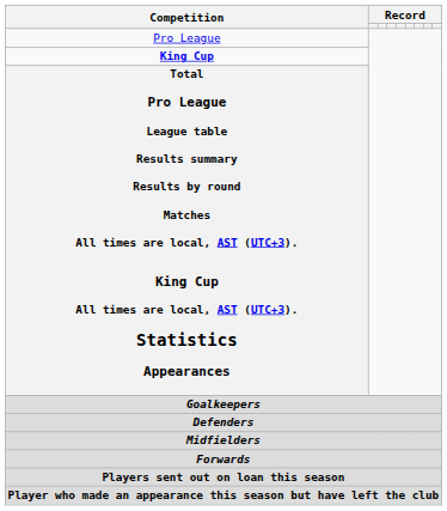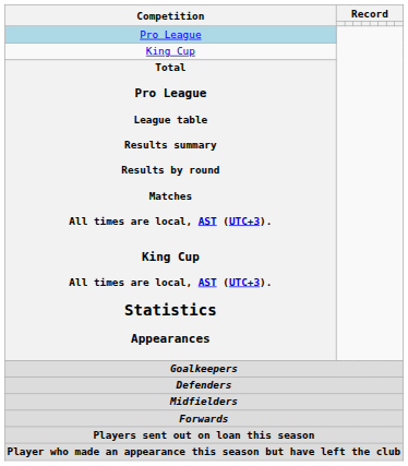 <table class="wikitable" style="text-align: center">
 <tr>
 <th rowspan=2>Competition</th>
 <th colspan=8>Record</th>
 </tr>
 <tr>
 <th></th>
 <th></th>
 <th></th>
 <th></th>
 <th></th>
 <th></th>
 <th></th>
 <th></th>
 </tr>
 <tr>
-<td><a href='#'>Pro League</a><br></td>
+<td style="background: lightblue;"><a href='#'>Pro League</a><br></td>
 </tr>
 <tr>
-<td><strong><a href='#'>King Cup</a><br></strong></td>
+<td><a href='#'>King Cup</a><br></td>
 </tr>
 <tr>
 <th>Total<br> <h3>Pro League</h3><h4>League table</h4><h4>Results summary</h4> <h4>Results by round</h4><h4>Matches</h4>All times are local, <a href='#'>AST</a> (<a href='#'>UTC+3</a>).<br>   <br>                                 <h3>King Cup</h3> All times are local, <a href='#'>AST</a> (<a href='#'>UTC+3</a>).<br> <h2>Statistics</h2><h3>Appearances</h3></th>
 </tr>
 <tr>
 <th colspan=10 style=background:#dcdcdc; text-align:center><em>Goalkeepers</em><br>  </th>
 </tr>
 <tr>
 <th colspan=10 style=background:#dcdcdc; text-align:center><em>Defenders</em><br>         </th>
 </tr>
 <tr>
 <th colspan=10 style=background:#dcdcdc; text-align:center><em>Midfielders</em><br>           </th>
 </tr>
 <tr>
 <th colspan=10 style=background:#dcdcdc; text-align:center><em>Forwards</em><br>    </th>
 </tr>
 <tr>
 <th colspan=16 style=background:#dcdcdc; text-align:center>Players sent out on loan this season<br>  </th>
 </tr>
 <tr>
 <th colspan=18 style=background:#dcdcdc; text-align:center>Player who made an appearance this season but have left the club<br>   </th>
 </tr>
 </table>
